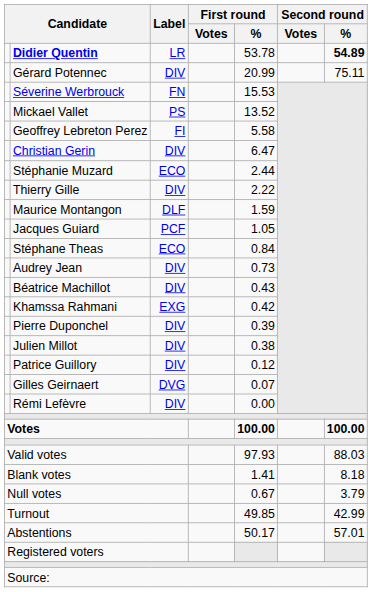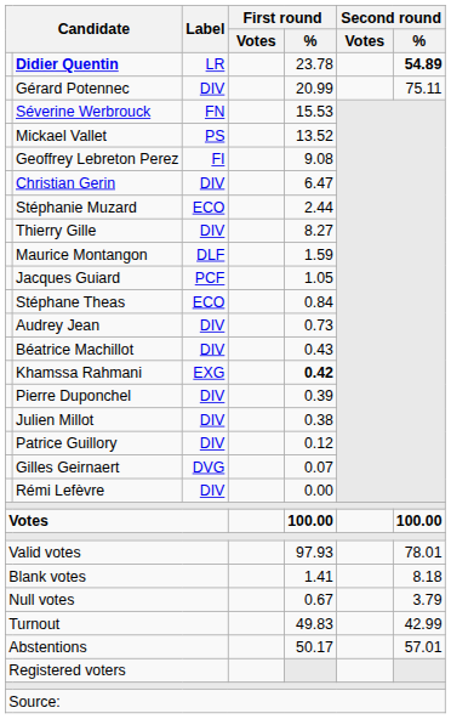 <table class="wikitable" style="text-align:right;font-size:95%;">
 <tr>
 <th colspan="2" rowspan="2">Candidate</th>
 <th rowspan="2">Label</th>
 <th colspan="2">First round</th>
 <th colspan="2">Second round</th>
 </tr>
 <tr>
 <th style="width:50px;">Votes</th>
 <th style="width:45px;">%</th>
 <th style="width:50px;">Votes</th>
 <th style="width:45px;">%</th>
 </tr>
 <tr>
 <td style="color:inherit;background:"></td>
 <td style="text-align:left;"><strong><a href='#'>Didier Quentin</a></strong></td>
 <td><a href='#'>LR</a></td>
 <td></td>
-<td>53.78</td>
+<td>23.78</td>
 <td><strong></strong></td>
 <td><strong>54.89</strong></td>
 </tr>
 <tr>
 <td style="color:inherit;background:"></td>
 <td style="text-align:left;">Gérard Potennec</td>
 <td><a href='#'>DIV</a></td>
 <td></td>
 <td>20.99</td>
 <td></td>
 <td>75.11</td>
 </tr>
 <tr>
 <td style="color:inherit;background:"></td>
 <td style="text-align:left;"><a href='#'>Séverine Werbrouck</a></td>
 <td><a href='#'>FN</a></td>
 <td></td>
 <td>15.53</td>
 <td colspan="2" rowspan="17" style="background:#E9E9E9;"></td>
 </tr>
 <tr>
 <td style="color:inherit;background:"></td>
 <td style="text-align:left;">Mickael Vallet</td>
 <td><a href='#'>PS</a></td>
 <td></td>
 <td>13.52</td>
 </tr>
 <tr>
 <td style="color:inherit;background:"></td>
 <td style="text-align:left;">Geoffrey Lebreton Perez</td>
 <td><a href='#'>FI</a></td>
 <td></td>
-<td>5.58</td>
+<td>9.08</td>
 </tr>
 <tr>
 <td style="color:inherit;background:"></td>
 <td style="text-align:left;"><a href='#'>Christian Gerin</a></td>
 <td><a href='#'>DIV</a></td>
 <td></td>
 <td>6.47</td>
 </tr>
 <tr>
 <td style="color:inherit;background:"></td>
 <td style="text-align:left;">Stéphanie Muzard</td>
 <td><a href='#'>ECO</a></td>
 <td></td>
 <td>2.44</td>
 </tr>
 <tr>
 <td style="color:inherit;background:"></td>
 <td style="text-align:left;">Thierry Gille</td>
 <td><a href='#'>DIV</a></td>
 <td></td>
-<td>2.22</td>
+<td>8.27</td>
 </tr>
 <tr>
 <td style="color:inherit;background:"></td>
 <td style="text-align:left;">Maurice Montangon</td>
 <td><a href='#'>DLF</a></td>
 <td></td>
 <td>1.59</td>
 </tr>
 <tr>
 <td style="color:inherit;background:"></td>
 <td style="text-align:left;">Jacques Guiard</td>
 <td><a href='#'>PCF</a></td>
 <td></td>
 <td>1.05</td>
 </tr>
 <tr>
 <td style="color:inherit;background:"></td>
 <td style="text-align:left;">Stéphane Theas</td>
 <td><a href='#'>ECO</a></td>
 <td></td>
 <td>0.84</td>
 </tr>
 <tr>
 <td style="color:inherit;background:"></td>
 <td style="text-align:left;">Audrey Jean</td>
 <td><a href='#'>DIV</a></td>
 <td></td>
 <td>0.73</td>
 </tr>
 <tr>
 <td style="color:inherit;background:"></td>
 <td style="text-align:left;">Béatrice Machillot</td>
 <td><a href='#'>DIV</a></td>
 <td></td>
 <td>0.43</td>
 </tr>
 <tr>
 <td style="color:inherit;background:"></td>
 <td style="text-align:left;">Khamssa Rahmani</td>
 <td><a href='#'>EXG</a></td>
 <td></td>
-<td>0.42</td>
+<td><strong>0.42</strong></td>
 </tr>
 <tr>
 <td style="color:inherit;background:"></td>
 <td style="text-align:left;">Pierre Duponchel</td>
 <td><a href='#'>DIV</a></td>
 <td></td>
 <td>0.39</td>
 </tr>
 <tr>
 <td style="color:inherit;background:"></td>
 <td style="text-align:left;">Julien Millot</td>
 <td><a href='#'>DIV</a></td>
 <td></td>
 <td>0.38</td>
 </tr>
 <tr>
 <td style="color:inherit;background:"></td>
 <td style="text-align:left;">Patrice Guillory</td>
 <td><a href='#'>DIV</a></td>
 <td></td>
 <td>0.12</td>
 </tr>
 <tr>
 <td style="color:inherit;background:"></td>
 <td style="text-align:left;">Gilles Geirnaert</td>
 <td><a href='#'>DVG</a></td>
 <td></td>
 <td>0.07</td>
 </tr>
 <tr>
 <td style="color:inherit;background:"></td>
 <td style="text-align:left;">Rémi Lefèvre</td>
 <td><a href='#'>DIV</a></td>
 <td></td>
 <td>0.00</td>
 </tr>
 <tr>
 <td colspan="7" style="background:#E9E9E9;"></td>
 </tr>
 <tr style="font-weight:bold;">
 <td colspan="3" style="text-align:left;">Votes</td>
 <td></td>
 <td>100.00</td>
 <td></td>
 <td>100.00</td>
 </tr>
 <tr>
 <td colspan="7" style="background:#E9E9E9;"></td>
 </tr>
 <tr>
 <td colspan="3" style="text-align:left;">Valid votes</td>
 <td></td>
 <td>97.93</td>
 <td></td>
-<td>88.03</td>
+<td>78.01</td>
 </tr>
 <tr>
 <td colspan="3" style="text-align:left;">Blank votes</td>
 <td></td>
 <td>1.41</td>
 <td></td>
 <td>8.18</td>
 </tr>
 <tr>
 <td colspan="3" style="text-align:left;">Null votes</td>
 <td></td>
 <td>0.67</td>
 <td></td>
 <td>3.79</td>
 </tr>
 <tr>
 <td colspan="3" style="text-align:left;">Turnout</td>
 <td></td>
-<td>49.85</td>
+<td>49.83</td>
 <td></td>
 <td>42.99</td>
 </tr>
 <tr>
 <td colspan="3" style="text-align:left;">Abstentions</td>
 <td></td>
 <td>50.17</td>
 <td></td>
 <td>57.01</td>
 </tr>
 <tr>
 <td colspan="3" style="text-align:left;">Registered voters</td>
 <td></td>
 <td style="color:inherit;background:#E9E9E9;"></td>
 <td></td>
 <td style="color:inherit;background:#E9E9E9;"></td>
 </tr>
 <tr>
 <td colspan="7" style="background:#E9E9E9;"></td>
 </tr>
 <tr>
 <td colspan="7" style="text-align:left;">Source: </td>
 </tr>
 </table>
